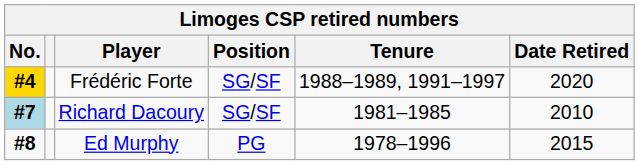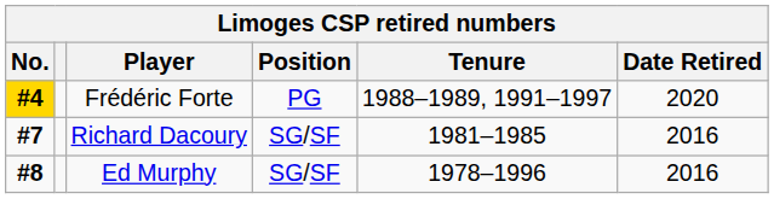 <table class="wikitable" style="text-align:center">
 <tr>
 <th colspan="7">Limoges CSP retired numbers</th>
 </tr>
 <tr>
 <th>No.</th>
 <th></th>
 <th>Player</th>
 <th>Position</th>
 <th>Tenure</th>
 <th>Date Retired</th>
 </tr>
 <tr>
 <td style="background: gold;"><strong>#4</strong></td>
 <td></td>
 <td>Frédéric Forte</td>
-<td><a href='#'>SG</a>/<a href='#'>SF</a></td>
+<td><a href='#'>PG</a></td>
 <td>1988–1989, 1991–1997</td>
 <td>2020</td>
 </tr>
 <tr>
-<td style="background: lightblue;"><strong>#7</strong></td>
+<td><strong>#7</strong></td>
 <td></td>
 <td><a href='#'>Richard Dacoury</a></td>
 <td><a href='#'>SG</a>/<a href='#'>SF</a></td>
 <td>1981–1985</td>
-<td>2010</td>
+<td>2016</td>
 </tr>
 <tr>
 <td><strong>#8</strong></td>
 <td></td>
 <td><a href='#'>Ed Murphy</a></td>
-<td><a href='#'>PG</a></td>
+<td><a href='#'>SG</a>/<a href='#'>SF</a></td>
 <td>1978–1996</td>
-<td>2015</td>
+<td>2016</td>
 </tr>
 </table>
